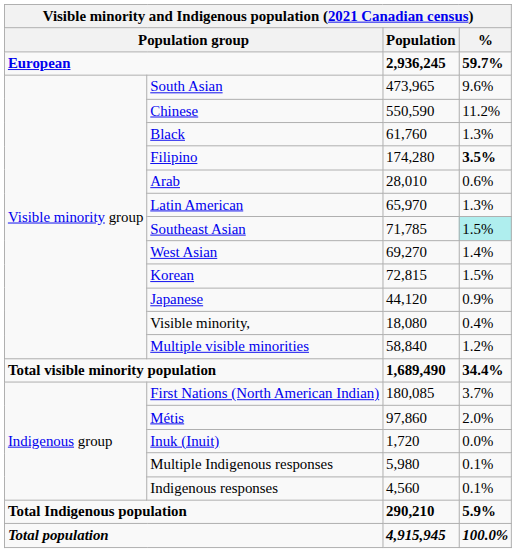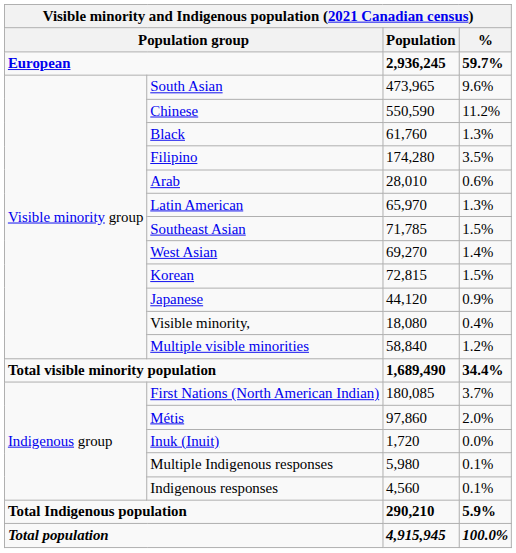 <table class="wikitable">
 <tr>
 <th colspan="4">Visible minority and Indigenous population (<a href='#'>2021 Canadian census</a>)</th>
 </tr>
 <tr>
 <th colspan="2">Population group</th>
 <th>Population</th>
 <th>%</th>
 </tr>
 <tr>
 <td colspan="2"><strong><a href='#'>European</a></strong></td>
 <td><strong>2,936,245</strong></td>
 <td><strong>59.7%</strong></td>
 </tr>
 <tr>
 <td rowspan="12"><a href='#'>Visible minority</a> group<br></td>
 <td><a href='#'>South Asian</a></td>
 <td>473,965</td>
 <td>9.6%</td>
 </tr>
 <tr>
 <td><a href='#'>Chinese</a></td>
 <td>550,590</td>
 <td>11.2%</td>
 </tr>
 <tr>
 <td><a href='#'>Black</a></td>
 <td>61,760</td>
 <td>1.3%</td>
 </tr>
 <tr>
 <td><a href='#'>Filipino</a></td>
 <td>174,280</td>
-<td><strong>3.5%</strong></td>
+<td>3.5%</td>
 </tr>
 <tr>
 <td><a href='#'>Arab</a></td>
 <td>28,010</td>
 <td>0.6%</td>
 </tr>
 <tr>
 <td><a href='#'>Latin American</a></td>
 <td>65,970</td>
 <td>1.3%</td>
 </tr>
 <tr>
 <td><a href='#'>Southeast Asian</a></td>
 <td>71,785</td>
-<td style="background: paleturquoise;">1.5%</td>
+<td>1.5%</td>
 </tr>
 <tr>
 <td><a href='#'>West Asian</a></td>
 <td>69,270</td>
 <td>1.4%</td>
 </tr>
 <tr>
 <td><a href='#'>Korean</a></td>
 <td>72,815</td>
 <td>1.5%</td>
 </tr>
 <tr>
 <td><a href='#'>Japanese</a></td>
 <td>44,120</td>
 <td>0.9%</td>
 </tr>
 <tr>
 <td>Visible minority, </td>
 <td>18,080</td>
 <td>0.4%</td>
 </tr>
 <tr>
 <td><a href='#'>Multiple visible minorities</a></td>
 <td>58,840</td>
 <td>1.2%</td>
 </tr>
 <tr>
 <td colspan="2"><strong>Total visible minority population</strong></td>
 <td><strong>1,689,490</strong></td>
 <td><strong>34.4%</strong></td>
 </tr>
 <tr>
 <td rowspan="5"><a href='#'>Indigenous</a> group<br></td>
 <td><a href='#'>First Nations (North American Indian)</a></td>
 <td>180,085</td>
 <td>3.7%</td>
 </tr>
 <tr>
 <td><a href='#'>Métis</a></td>
 <td>97,860</td>
 <td>2.0%</td>
 </tr>
 <tr>
 <td><a href='#'>Inuk (Inuit)</a></td>
 <td>1,720</td>
 <td>0.0%</td>
 </tr>
 <tr>
 <td>Multiple Indigenous responses</td>
 <td>5,980</td>
 <td>0.1%</td>
 </tr>
 <tr>
 <td>Indigenous responses </td>
 <td>4,560</td>
 <td>0.1%</td>
 </tr>
 <tr>
 <td colspan="2"><strong>Total Indigenous population</strong></td>
 <td><strong>290,210</strong></td>
 <td><strong>5.9%</strong></td>
 </tr>
 <tr>
 <td colspan="2"><strong><em>Total population</em></strong></td>
 <td><strong><em>4,915,945</em></strong></td>
 <td><strong><em>100.0%</em></strong></td>
 </tr>
 </table>
